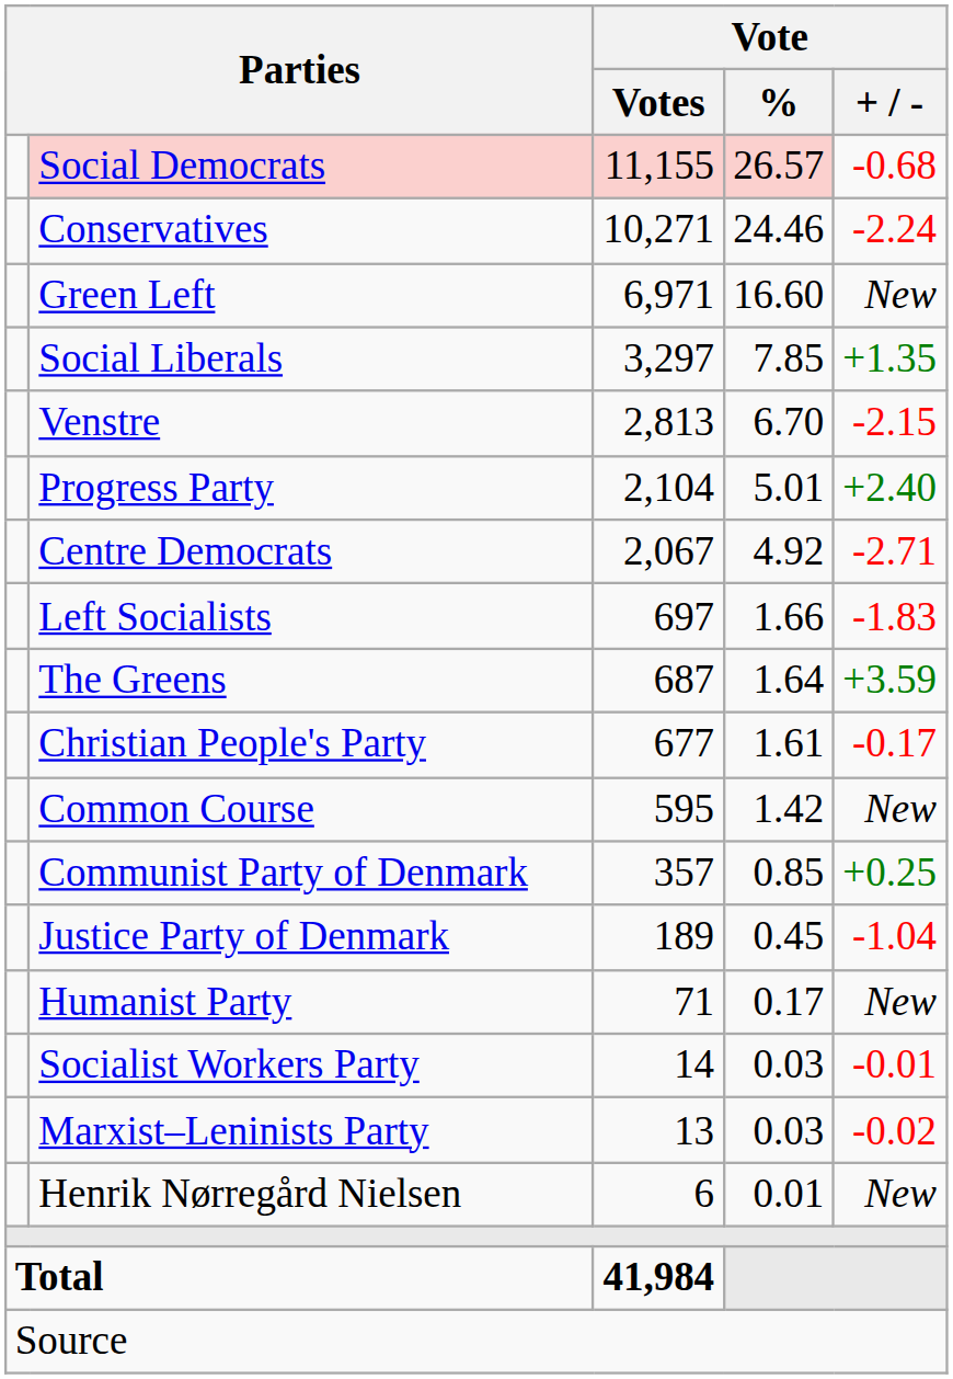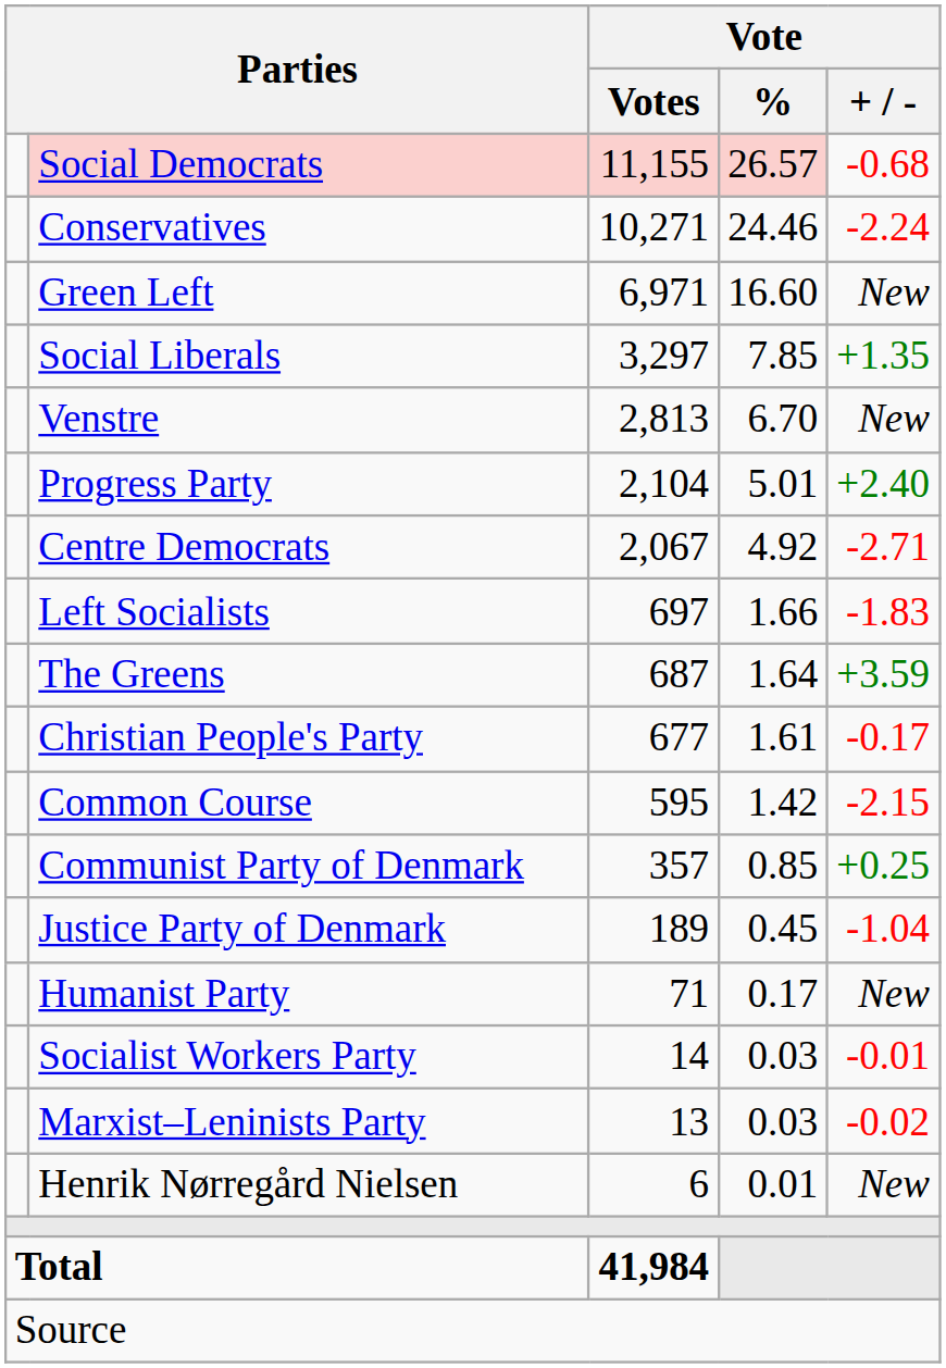 <table class="wikitable" style="text-align:right;">
 <tr>
 <th style="text-align:centre;" rowspan="2" colspan="2" width="225">Parties</th>
 <th colspan="3">Vote</th>
 </tr>
 <tr>
 <th width="15">Votes</th>
 <th width="15">%</th>
 <th width="15">+ / -</th>
 </tr>
 <tr>
 <td width="2" style="color:inherit;background:"></td>
 <td bgcolor=#fbd0ce  align="left"><a href='#'>Social Democrats</a></td>
 <td bgcolor=#fbd0ce>11,155</td>
 <td bgcolor=#fbd0ce>26.57</td>
 <td style=color:red;>-0.68</td>
 </tr>
 <tr>
 <td width="2" style="color:inherit;background:"></td>
 <td align="left"><a href='#'>Conservatives</a></td>
 <td>10,271</td>
 <td>24.46</td>
 <td style=color:red;>-2.24</td>
 </tr>
 <tr>
 <td width="2" style="color:inherit;background:"></td>
 <td align="left"><a href='#'>Green Left</a></td>
 <td>6,971</td>
 <td>16.60</td>
 <td><em>New</em></td>
 </tr>
 <tr>
 <td width="2" style="color:inherit;background:"></td>
 <td align="left"><a href='#'>Social Liberals</a></td>
 <td>3,297</td>
 <td>7.85</td>
 <td style=color:green;>+1.35</td>
 </tr>
 <tr>
 <td width="2" style="color:inherit;background:"></td>
 <td align="left"><a href='#'>Venstre</a></td>
 <td>2,813</td>
 <td>6.70</td>
-<td style=color:red;>-2.15</td>
+<td><em>New</em></td>
 </tr>
 <tr>
 <td width="2" style="color:inherit;background:"></td>
 <td align="left"><a href='#'>Progress Party</a></td>
 <td>2,104</td>
 <td>5.01</td>
 <td style=color:green;>+2.40</td>
 </tr>
 <tr>
 <td width="2" style="color:inherit;background:"></td>
 <td align="left"><a href='#'>Centre Democrats</a></td>
 <td>2,067</td>
 <td>4.92</td>
 <td style=color:red;>-2.71</td>
 </tr>
 <tr>
 <td width="2" style="color:inherit;background:"></td>
 <td align="left"><a href='#'>Left Socialists</a></td>
 <td>697</td>
 <td>1.66</td>
 <td style=color:red;>-1.83</td>
 </tr>
 <tr>
 <td width="2" style="color:inherit;background:"></td>
 <td align="left"><a href='#'>The Greens</a></td>
 <td>687</td>
 <td>1.64</td>
 <td style=color:green;>+3.59</td>
 </tr>
 <tr>
 <td width="2" style="color:inherit;background:"></td>
 <td align="left"><a href='#'>Christian People's Party</a></td>
 <td>677</td>
 <td>1.61</td>
 <td style=color:red;>-0.17</td>
 </tr>
 <tr>
 <td width="2" style="color:inherit;background:"></td>
 <td align="left"><a href='#'>Common Course</a></td>
 <td>595</td>
 <td>1.42</td>
-<td><em>New</em></td>
+<td style=color:red;>-2.15</td>
 </tr>
 <tr>
 <td width="2" style="color:inherit;background:"></td>
 <td align="left"><a href='#'>Communist Party of Denmark</a></td>
 <td>357</td>
 <td>0.85</td>
 <td style=color:green;>+0.25</td>
 </tr>
 <tr>
 <td width="2" style="color:inherit;background:"></td>
 <td align="left"><a href='#'>Justice Party of Denmark</a></td>
 <td>189</td>
 <td>0.45</td>
 <td style=color:red;>-1.04</td>
 </tr>
 <tr>
 <td width="2" style="color:inherit;background:"></td>
 <td align="left"><a href='#'>Humanist Party</a></td>
 <td>71</td>
 <td>0.17</td>
 <td><em>New</em></td>
 </tr>
 <tr>
 <td width="2" style="color:inherit;background:"></td>
 <td align="left"><a href='#'>Socialist Workers Party</a></td>
 <td>14</td>
 <td>0.03</td>
 <td style=color:red;>-0.01</td>
 </tr>
 <tr>
 <td width="2" style="color:inherit;background:"></td>
 <td align="left"><a href='#'>Marxist–Leninists Party</a></td>
 <td>13</td>
 <td>0.03</td>
 <td style=color:red;>-0.02</td>
 </tr>
 <tr>
 <td width="2" style="color:inherit;background:"></td>
 <td align="left">Henrik Nørregård Nielsen</td>
 <td>6</td>
 <td>0.01</td>
 <td><em>New</em></td>
 </tr>
 <tr>
 <td colspan="7" bgcolor="#E9E9E9"></td>
 </tr>
 <tr>
 <td align="left" colspan="2"><strong>Total</strong></td>
 <td><strong>41,984</strong></td>
 <td bgcolor="#E9E9E9" colspan="2"></td>
 </tr>
 <tr>
 <td align="left" colspan="6">Source</td>
 </tr>
 </table>
